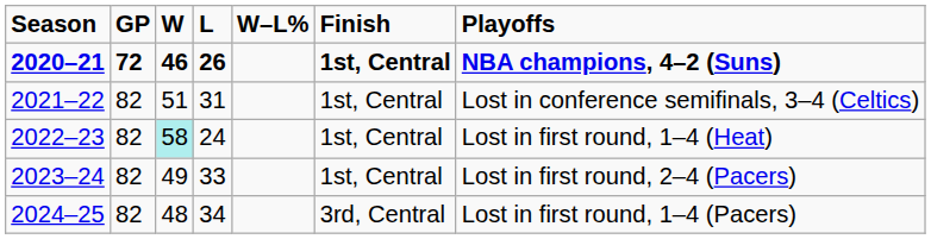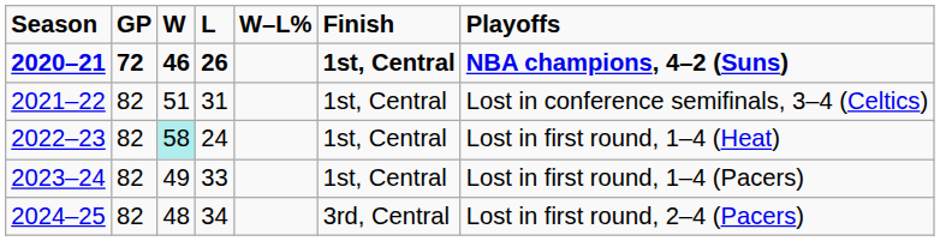 <table class="wikitable">
 <tr style="font-weight:bold; ">
 <td>Season</td>
 <td>GP</td>
 <td>W</td>
 <td>L</td>
 <td>W–L%</td>
 <td>Finish</td>
 <td>Playoffs</td>
 </tr>
 <tr style="font-weight:bold;">
 <td><a href='#'>2020–21</a></td>
 <td>72</td>
 <td>46</td>
 <td>26</td>
 <td></td>
 <td>1st, Central</td>
 <td><a href='#'>NBA champions</a>, 4–2 (<a href='#'>Suns</a>)</td>
 </tr>
 <tr>
 <td><a href='#'>2021–22</a></td>
 <td>82</td>
 <td>51</td>
 <td>31</td>
 <td></td>
 <td>1st, Central</td>
 <td>Lost in conference semifinals, 3–4 (<a href='#'>Celtics</a>)</td>
 </tr>
 <tr>
 <td><a href='#'>2022–23</a></td>
 <td>82</td>
 <td style="background: paleturquoise;">58</td>
 <td>24</td>
 <td></td>
 <td>1st, Central</td>
 <td>Lost in first round, 1–4 (<a href='#'>Heat</a>)</td>
 </tr>
 <tr>
 <td><a href='#'>2023–24</a></td>
 <td>82</td>
 <td>49</td>
 <td>33</td>
 <td></td>
 <td>1st, Central</td>
-<td>Lost in first round, 2–4 (<a href='#'>Pacers</a>)</td>
+<td>Lost in first round, 1–4 (Pacers)</td>
 </tr>
 <tr>
 <td><a href='#'>2024–25</a></td>
 <td>82</td>
 <td>48</td>
 <td>34</td>
 <td></td>
 <td>3rd, Central</td>
-<td>Lost in first round, 1–4 (Pacers)</td>
+<td>Lost in first round, 2–4 (<a href='#'>Pacers</a>)</td>
 </tr>
 </table>
